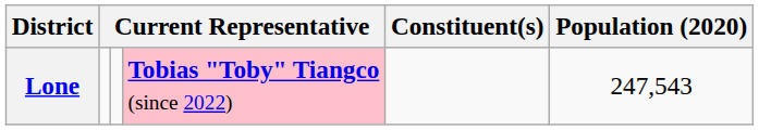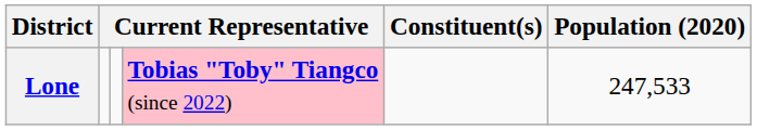 <table class="wikitable sortable" style="margin: 1em auto; font-size:100%; line-height:20px; text-align:center">
 <tr>
 <th>District</th>
 <th colspan="3">Current Representative</th>
 <th>Constituent(s)</th>
 <th>Population (2020)</th>
 </tr>
 <tr>
 <th><a href='#'>Lone</a></th>
 <td style="background:"></td>
 <td></td>
 <td style="background: pink; text-align:left;"><strong><a href='#'>Tobias "Toby" Tiangco</a></strong><br><small>(since <a href='#'>2022</a>)</small></td>
 <td></td>
-<td>247,543</td>
+<td>247,533</td>
 </tr>
 </table>
